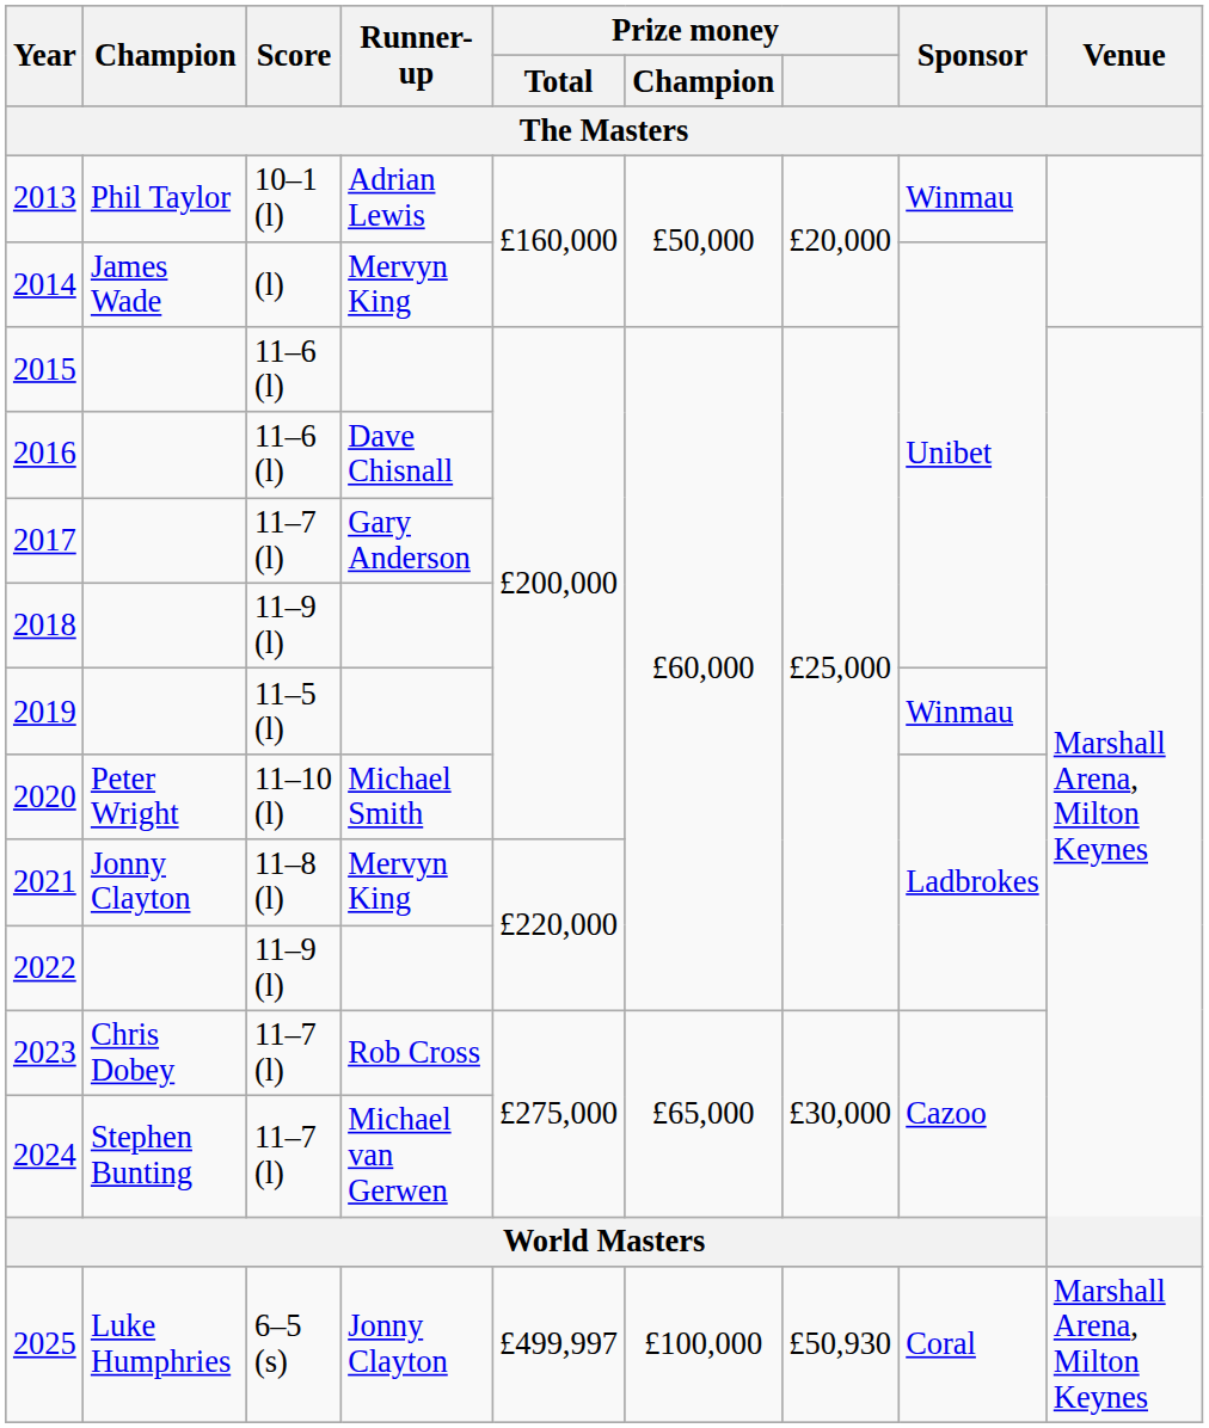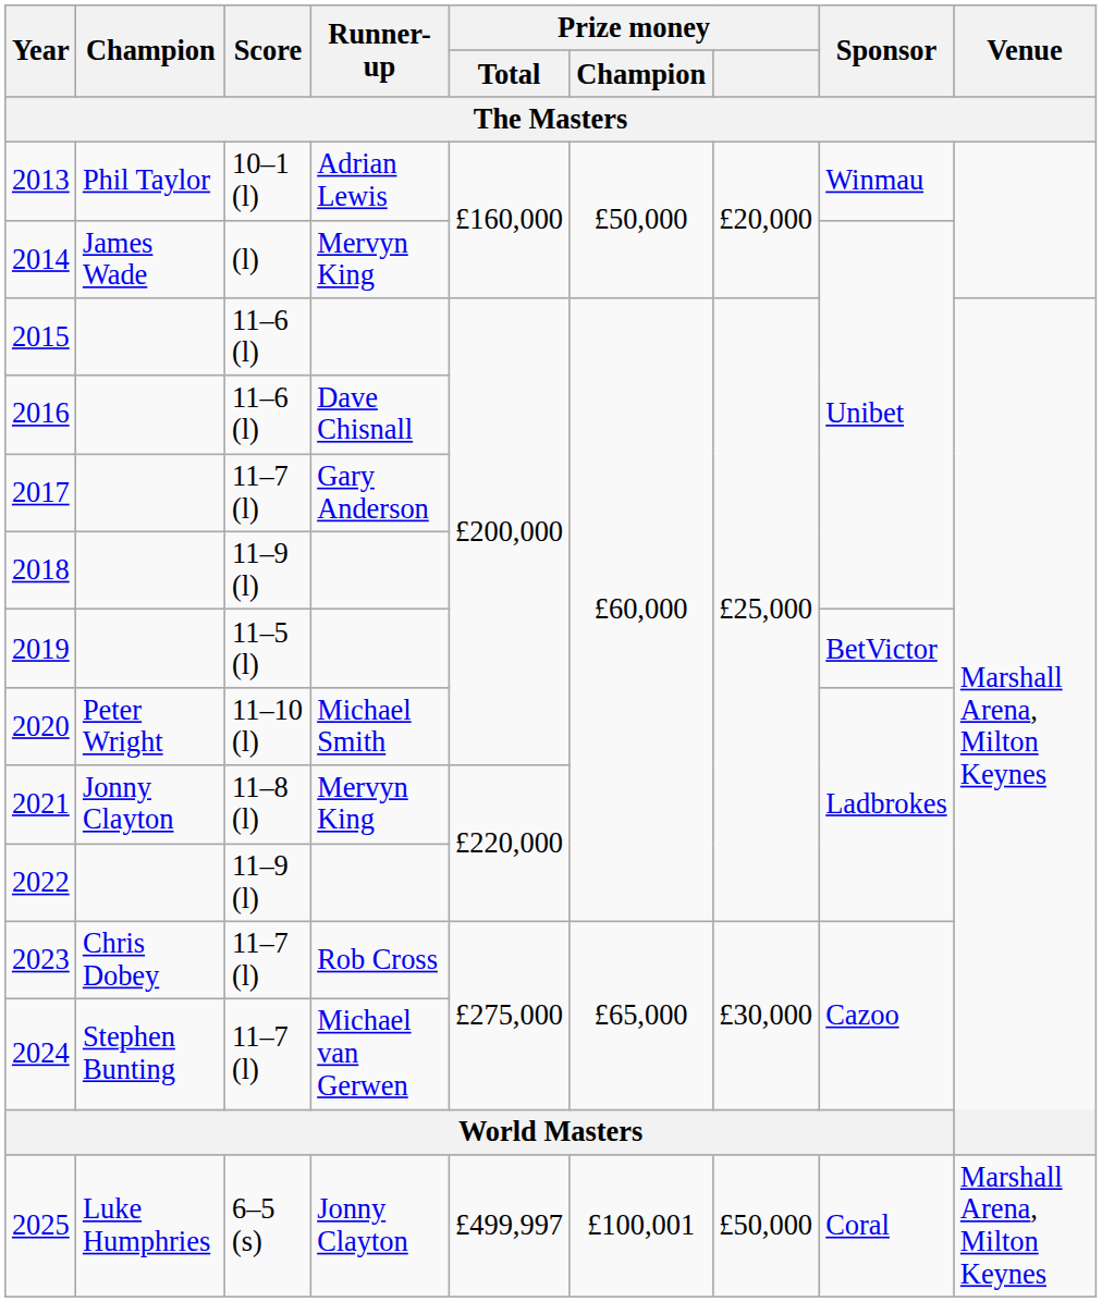 <table class="wikitable">
 <tr>
 <th rowspan=2>Year</th>
 <th rowspan=2>Champion </th>
 <th rowspan=2>Score</th>
 <th rowspan=2>Runner-up </th>
 <th colspan=3>Prize money</th>
 <th rowspan=2>Sponsor</th>
 <th rowspan=2>Venue</th>
 </tr>
 <tr>
 <th>Total</th>
 <th>Champion</th>
 <th></th>
 </tr>
 <tr>
 <th colspan=9 style="text-align: center;">The Masters</th>
 </tr>
 <tr>
 <td><a href='#'>2013</a></td>
 <td> <a href='#'>Phil Taylor</a> </td>
 <td>10–1 (l)</td>
 <td> <a href='#'>Adrian Lewis</a> </td>
 <td rowspan=2 align="center">£160,000</td>
 <td rowspan=2 align="center">£50,000</td>
 <td rowspan=2 align="center">£20,000</td>
 <td><a href='#'>Winmau</a></td>
 <td rowspan=2></td>
 </tr>
 <tr>
 <td><a href='#'>2014</a></td>
 <td> <a href='#'>James Wade</a> </td>
 <td> (l)</td>
 <td> <a href='#'>Mervyn King</a> </td>
 <td rowspan=5><a href='#'>Unibet</a></td>
 </tr>
 <tr>
 <td><a href='#'>2015</a></td>
 <td></td>
 <td>11–6 (l)</td>
 <td></td>
 <td rowspan=6 align="center">£200,000</td>
 <td rowspan=8 align="center">£60,000</td>
 <td rowspan=8 align="center">£25,000</td>
 <td rowspan=11> <a href='#'>Marshall Arena</a>, <a href='#'>Milton Keynes</a><br></td>
 </tr>
 <tr>
 <td><a href='#'>2016</a></td>
 <td></td>
 <td>11–6 (l)</td>
 <td> <a href='#'>Dave Chisnall</a> </td>
 </tr>
 <tr>
 <td><a href='#'>2017</a></td>
 <td></td>
 <td>11–7 (l)</td>
 <td> <a href='#'>Gary Anderson</a> </td>
 </tr>
 <tr>
 <td><a href='#'>2018</a></td>
 <td></td>
 <td>11–9 (l)</td>
 <td></td>
 </tr>
 <tr>
 <td><a href='#'>2019</a></td>
 <td></td>
 <td>11–5 (l)</td>
 <td></td>
-<td><a href='#'>Winmau</a></td>
+<td><a href='#'>BetVictor</a></td>
 </tr>
 <tr>
 <td><a href='#'>2020</a></td>
 <td> <a href='#'>Peter Wright</a> </td>
 <td>11–10 (l)</td>
 <td> <a href='#'>Michael Smith</a> </td>
 <td rowspan=3><a href='#'>Ladbrokes</a></td>
 </tr>
 <tr>
 <td><a href='#'>2021</a></td>
 <td> <a href='#'>Jonny Clayton</a> </td>
 <td>11–8 (l)</td>
 <td> <a href='#'>Mervyn King</a> </td>
 <td rowspan=2>£220,000</td>
 </tr>
 <tr>
 <td><a href='#'>2022</a></td>
 <td> </td>
 <td>11–9 (l)</td>
 <td> </td>
 </tr>
 <tr>
 <td><a href='#'>2023</a></td>
 <td> <a href='#'>Chris Dobey</a> </td>
 <td>11–7 (l)</td>
 <td> <a href='#'>Rob Cross</a> </td>
 <td rowspan=2 align="center">£275,000</td>
 <td rowspan=2 align="center">£65,000</td>
 <td rowspan=2 align="center">£30,000</td>
 <td rowspan=2><a href='#'>Cazoo</a></td>
 </tr>
 <tr>
 <td><a href='#'>2024</a></td>
 <td> <a href='#'>Stephen Bunting</a> </td>
 <td>11–7 (l)</td>
 <td> <a href='#'>Michael van Gerwen</a> </td>
 </tr>
 <tr>
 <th colspan=9 style="text-align: center;">World Masters</th>
 </tr>
 <tr>
 <td><a href='#'>2025</a></td>
 <td> <a href='#'>Luke Humphries</a> </td>
 <td>6–5 (s)</td>
 <td> <a href='#'>Jonny Clayton</a> </td>
 <td align="center">£499,997</td>
-<td align="center">£100,000</td>
-<td align="center">£50,930</td>
+<td align="center">£100,001</td>
+<td align="center">£50,000</td>
 <td><a href='#'>Coral</a></td>
 <td> <a href='#'>Marshall Arena</a>, <a href='#'>Milton Keynes</a></td>
 </tr>
 </table>
